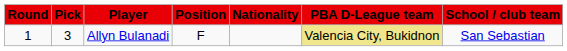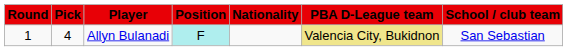 <table class="wikitable sortable sortable">
 <tr>
 <th style="background:#E80006; color:#000000; ">Round</th>
 <th style="background:#E80006; color:#000000; ">Pick</th>
 <th style="background:#E80006; color:#000000; ">Player</th>
 <th style="background:#E80006; color:#000000; ">Position</th>
 <th style="background:#E80006; color:#000000; ">Nationality</th>
 <th style="background:#E80006; color:#000000; ">PBA D-League team</th>
 <th style="background:#E80006; color:#000000; ">School / club team</th>
 </tr>
 <tr style="text-align: center">
 <td>1</td>
-<td>3</td>
+<td>4</td>
 <td><a href='#'>Allyn Bulanadi</a></td>
-<td>F</td>
+<td style="background: paleturquoise;">F</td>
 <td></td>
 <td style="background: khaki;">Valencia City, Bukidnon</td>
 <td><a href='#'>San Sebastian</a></td>
 </tr>
 </table>
